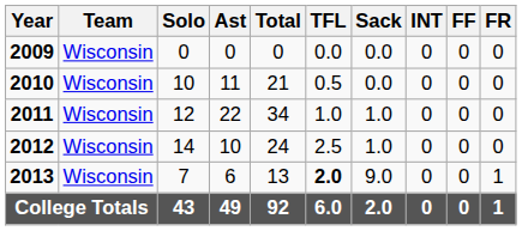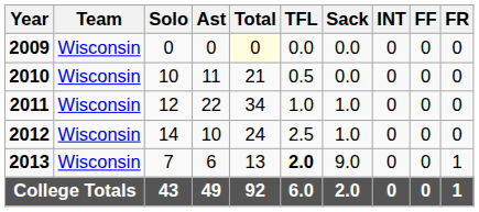 <table class="wikitable" style="text-align:center;">
 <tr>
 <th>Year</th>
 <th>Team</th>
 <th>Solo</th>
 <th>Ast</th>
 <th>Total</th>
 <th>TFL</th>
 <th>Sack</th>
 <th>INT</th>
 <th>FF</th>
 <th>FR</th>
 </tr>
 <tr>
 <td><strong>2009</strong></td>
 <td><a href='#'>Wisconsin</a></td>
 <td>0</td>
 <td>0</td>
-<td>0</td>
+<td style="background: lightyellow;">0</td>
 <td>0.0</td>
 <td>0.0</td>
 <td>0</td>
 <td>0</td>
 <td>0</td>
 </tr>
 <tr>
 <td><strong>2010</strong></td>
 <td><a href='#'>Wisconsin</a></td>
 <td>10</td>
 <td>11</td>
 <td>21</td>
 <td>0.5</td>
 <td>0.0</td>
 <td>0</td>
 <td>0</td>
 <td>0</td>
 </tr>
 <tr>
 <td><strong>2011</strong></td>
 <td><a href='#'>Wisconsin</a></td>
 <td>12</td>
 <td>22</td>
 <td>34</td>
 <td>1.0</td>
 <td>1.0</td>
 <td>0</td>
 <td>0</td>
 <td>0</td>
 </tr>
 <tr>
 <td><strong>2012</strong></td>
 <td><a href='#'>Wisconsin</a></td>
 <td>14</td>
 <td>10</td>
 <td>24</td>
 <td>2.5</td>
 <td>1.0</td>
 <td>0</td>
 <td>0</td>
 <td>0</td>
 </tr>
 <tr>
 <td><strong>2013</strong></td>
 <td><a href='#'>Wisconsin</a></td>
 <td>7</td>
 <td>6</td>
 <td>13</td>
 <td><strong>2.0</strong></td>
 <td>9.0</td>
 <td>0</td>
 <td>0</td>
 <td>1</td>
 </tr>
 <tr style="background:#555; font-weight:bold; color:white;">
 <td colspan=2>College Totals</td>
 <td>43</td>
 <td>49</td>
 <td>92</td>
 <td>6.0</td>
 <td>2.0</td>
 <td>0</td>
 <td>0</td>
 <td>1</td>
 </tr>
 </table>
